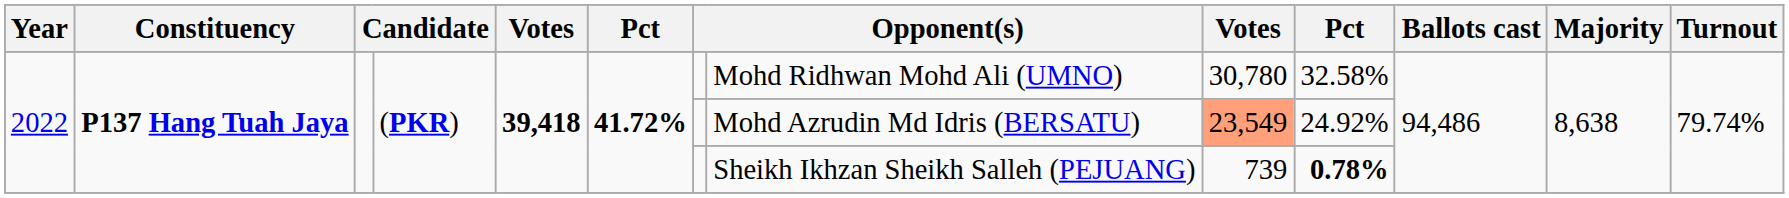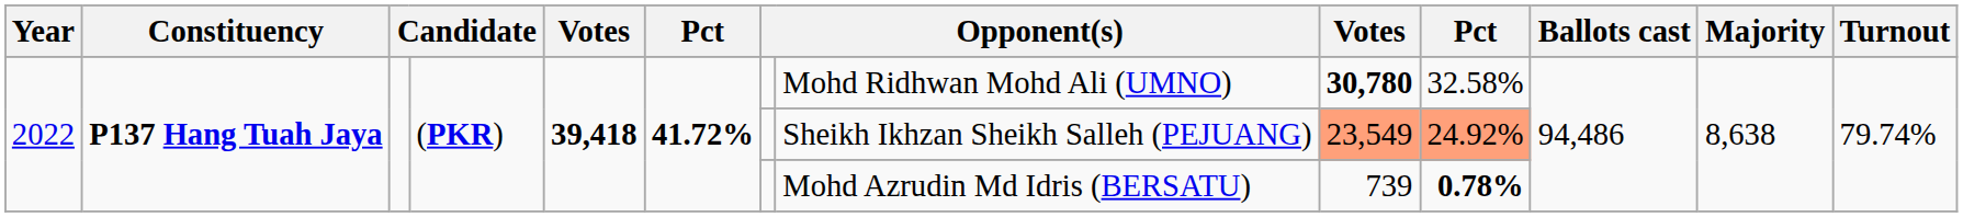 <table class="wikitable" style="margin:0.5em ; font-size:95%">
 <tr>
 <th>Year</th>
 <th>Constituency</th>
 <th colspan=2>Candidate</th>
 <th>Votes</th>
 <th>Pct</th>
 <th colspan=2>Opponent(s)</th>
 <th>Votes</th>
 <th>Pct</th>
 <th>Ballots cast</th>
 <th>Majority</th>
 <th>Turnout</th>
 </tr>
 <tr>
 <td rowspan="3"><a href='#'>2022</a></td>
 <td rowspan="3"><strong>P137 <a href='#'>Hang Tuah Jaya</a></strong></td>
 <td rowspan="3" ></td>
 <td rowspan="3"> (<a href='#'><strong>PKR</strong></a>)</td>
 <td rowspan="3" align="right"><strong>39,418</strong></td>
 <td rowspan="3"><strong>41.72%</strong></td>
 <td></td>
 <td>Mohd Ridhwan Mohd Ali (<a href='#'>UMNO</a>)</td>
-<td align="right">30,780</td>
+<td align="right"><strong>30,780</strong></td>
 <td>32.58%</td>
 <td rowspan="3">94,486</td>
 <td rowspan="3">8,638</td>
 <td rowspan="3">79.74%</td>
 </tr>
 <tr>
 <td bgcolor=></td>
-<td>Mohd Azrudin Md Idris (<a href='#'>BERSATU</a>)</td>
+<td>Sheikh Ikhzan Sheikh Salleh (<a href='#'>PEJUANG</a>)</td>
 <td align="right" style="background: lightsalmon;">23,549</td>
-<td align="right">24.92%</td>
+<td align="right" style="background: lightsalmon;">24.92%</td>
 </tr>
 <tr>
 <td bgcolor=></td>
-<td>Sheikh Ikhzan Sheikh Salleh (<a href='#'>PEJUANG</a>)</td>
+<td>Mohd Azrudin Md Idris (<a href='#'>BERSATU</a>)</td>
 <td align="right">739</td>
 <td align="right"><strong>0.78%</strong></td>
 </tr>
 </table>
